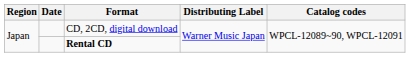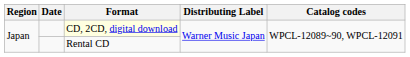 <table class="wikitable">
 <tr>
 <th>Region</th>
 <th>Date</th>
 <th>Format</th>
 <th>Distributing Label</th>
 <th>Catalog codes</th>
 </tr>
 <tr>
 <td rowspan="2">Japan</td>
 <td></td>
-<td>CD, 2CD, <a href='#'>digital download</a></td>
+<td style="background: lightyellow;">CD, 2CD, <a href='#'>digital download</a></td>
 <td rowspan="2"><a href='#'>Warner Music Japan</a></td>
 <td rowspan="2">WPCL-12089~90, WPCL-12091</td>
 </tr>
 <tr>
 <td></td>
-<td><strong>Rental CD</strong></td>
+<td>Rental CD</td>
 </tr>
 </table>
